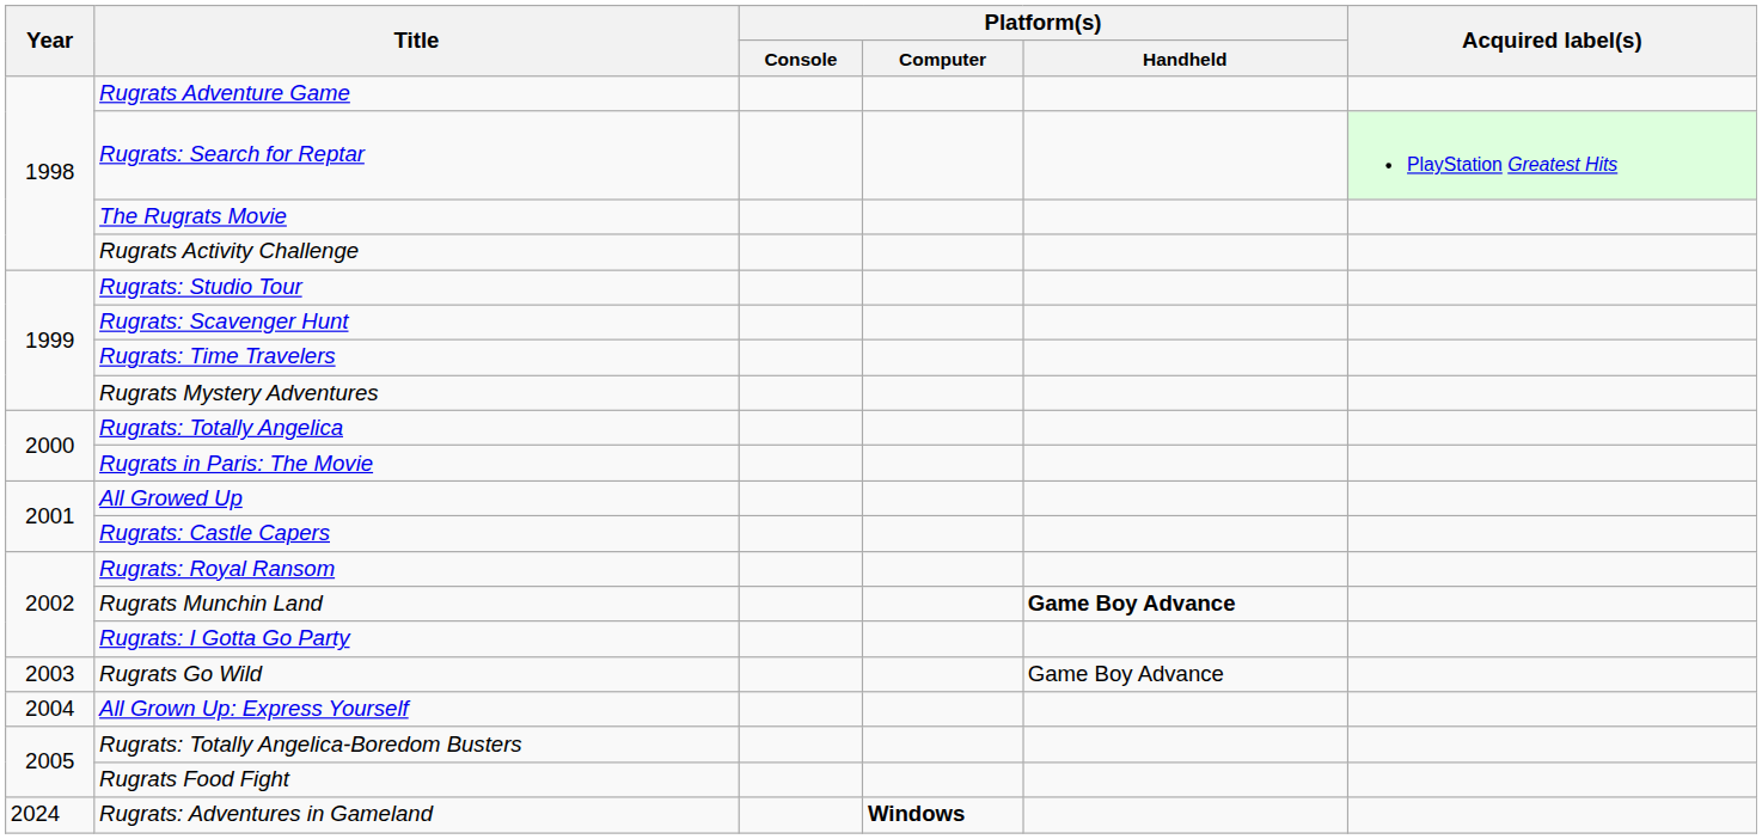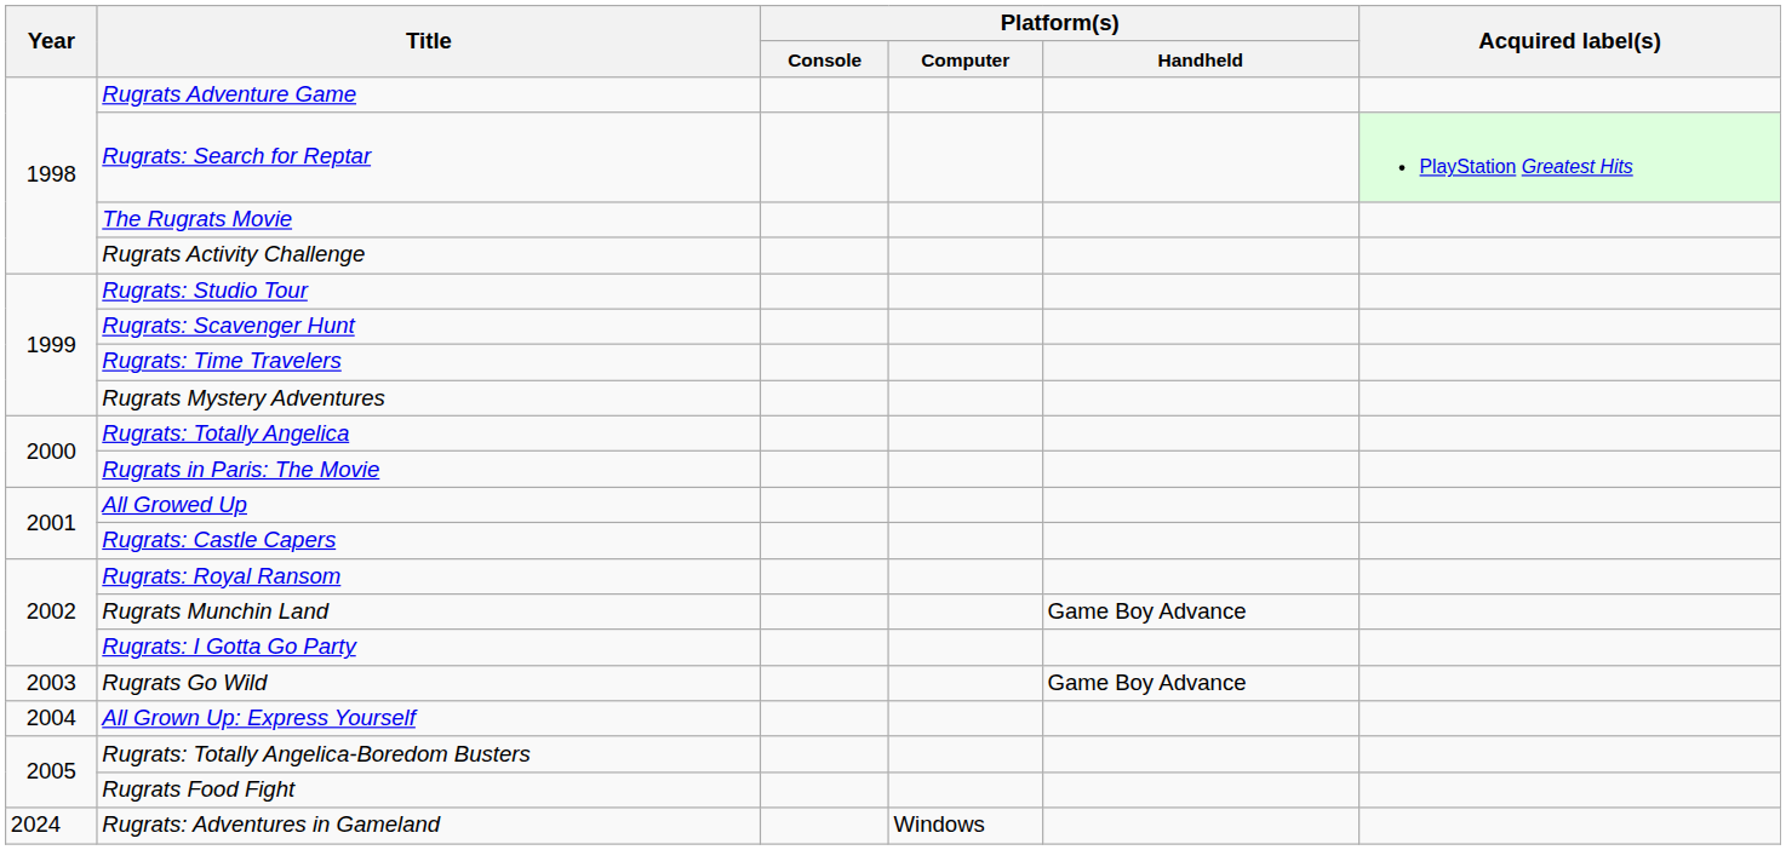 <table class="wikitable" style="width:100%;">
 <tr>
 <th rowspan="2">Year</th>
 <th rowspan="2">Title</th>
 <th colspan="3">Platform(s)</th>
 <th rowspan="2">Acquired label(s)</th>
 </tr>
 <tr style="text-align:center;">
 <th><small><strong>Console</strong></small></th>
 <th><small><strong>Computer</strong></small></th>
 <th><small><strong>Handheld</strong></small></th>
 </tr>
 <tr>
 <td rowspan="4" style="text-align:center;">1998</td>
 <td><em><a href='#'>Rugrats Adventure Game</a></em></td>
 <td></td>
 <td></td>
 <td></td>
 <td></td>
 </tr>
 <tr>
 <td><em><a href='#'>Rugrats: Search for Reptar</a></em></td>
 <td></td>
 <td></td>
 <td></td>
 <td style="background:#dfd; font-size:85%;"><br><ul><li><a href='#'>PlayStation</a> <em><a href='#'>Greatest Hits</a></em></li></ul></td>
 </tr>
 <tr>
 <td><em><a href='#'>The Rugrats Movie</a></em></td>
 <td></td>
 <td></td>
 <td></td>
 <td></td>
 </tr>
 <tr>
 <td><em>Rugrats Activity Challenge</em></td>
 <td></td>
 <td></td>
 <td></td>
 <td></td>
 </tr>
 <tr>
 <td rowspan="4" style="text-align:center;">1999</td>
 <td><em><a href='#'>Rugrats: Studio Tour</a></em></td>
 <td></td>
 <td></td>
 <td></td>
 <td></td>
 </tr>
 <tr>
 <td><em><a href='#'>Rugrats: Scavenger Hunt</a></em></td>
 <td></td>
 <td></td>
 <td></td>
 <td></td>
 </tr>
 <tr>
 <td><em><a href='#'>Rugrats: Time Travelers</a></em></td>
 <td></td>
 <td></td>
 <td></td>
 <td></td>
 </tr>
 <tr>
 <td><em>Rugrats Mystery Adventures</em></td>
 <td></td>
 <td></td>
 <td></td>
 <td></td>
 </tr>
 <tr>
 <td rowspan="2" style="text-align:center;">2000</td>
 <td><em><a href='#'>Rugrats: Totally Angelica</a></em></td>
 <td></td>
 <td></td>
 <td></td>
 <td></td>
 </tr>
 <tr>
 <td><em><a href='#'>Rugrats in Paris: The Movie</a></em></td>
 <td></td>
 <td></td>
 <td></td>
 <td></td>
 </tr>
 <tr>
 <td rowspan="2" style="text-align:center;">2001</td>
 <td><em><a href='#'>All Growed Up</a></em></td>
 <td></td>
 <td></td>
 <td></td>
 <td></td>
 </tr>
 <tr>
 <td><em><a href='#'>Rugrats: Castle Capers</a></em></td>
 <td></td>
 <td></td>
 <td></td>
 <td></td>
 </tr>
 <tr>
 <td rowspan="3" style="text-align:center;">2002</td>
 <td><em><a href='#'>Rugrats: Royal Ransom</a></em></td>
 <td></td>
 <td></td>
 <td></td>
 <td></td>
 </tr>
 <tr>
 <td><em>Rugrats Munchin Land</em></td>
 <td></td>
 <td></td>
-<td><strong>Game Boy Advance</strong></td>
+<td>Game Boy Advance</td>
 <td></td>
 </tr>
 <tr>
 <td><em><a href='#'>Rugrats: I Gotta Go Party</a></em></td>
 <td></td>
 <td></td>
 <td></td>
 <td></td>
 </tr>
 <tr>
 <td style="text-align:center;">2003</td>
 <td><em>Rugrats Go Wild</em></td>
 <td></td>
 <td></td>
 <td>Game Boy Advance</td>
 <td></td>
 </tr>
 <tr>
 <td style="text-align:center;">2004</td>
 <td><em><a href='#'>All Grown Up: Express Yourself</a></em></td>
 <td></td>
 <td></td>
 <td></td>
 <td></td>
 </tr>
 <tr>
 <td rowspan="2" style="text-align:center;">2005</td>
 <td><em>Rugrats: Totally Angelica-Boredom Busters</em></td>
 <td></td>
 <td></td>
 <td></td>
 <td></td>
 </tr>
 <tr>
 <td><em>Rugrats Food Fight</em></td>
 <td></td>
 <td></td>
 <td></td>
 <td></td>
 </tr>
 <tr>
 <td>2024</td>
 <td><em>Rugrats: Adventures in Gameland</em></td>
 <td></td>
-<td><strong>Windows</strong></td>
+<td>Windows</td>
 <td></td>
 <td></td>
 </tr>
 </table>
